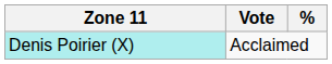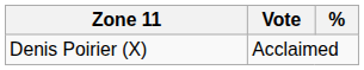 <table class="wikitable">
 <tr>
 <th bgcolor="#DDDDFF" width="200px">Zone 11</th>
 <th bgcolor="#DDDDFF" width="50px">Vote</th>
 <th bgcolor="#DDDDFF" width="30px">%</th>
 </tr>
 <tr>
-<td style="background: paleturquoise;">Denis Poirier (X)</td>
+<td>Denis Poirier (X)</td>
 <td colspan="2">Acclaimed</td>
 </tr>
 </table>
